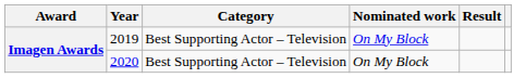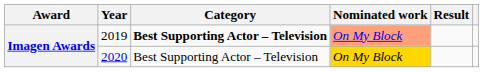 <table class="wikitable plainrowheaders sortable">
 <tr>
 <th scope="col">Award</th>
 <th scope="col">Year</th>
 <th scope="col">Category</th>
 <th scope="col">Nominated work</th>
 <th scope="col">Result</th>
 <th scope="col" class="unsortable"></th>
 </tr>
 <tr>
 <th scope="row" rowspan="2"><a href='#'>Imagen Awards</a></th>
 <td>2019</td>
-<td>Best Supporting Actor – Television</td>
-<td><em><a href='#'>On My Block</a></em></td>
+<td><strong>Best Supporting Actor – Television</strong></td>
+<td style="background: lightsalmon;"><em><a href='#'>On My Block</a></em></td>
 <td></td>
 <td style="text-align:center;"></td>
 </tr>
 <tr>
 <td><a href='#'>2020</a></td>
 <td>Best Supporting Actor – Television</td>
-<td><em>On My Block</em></td>
+<td style="background: gold;"><em>On My Block</em></td>
 <td></td>
 <td style="text-align:center;"></td>
 </tr>
 </table>
